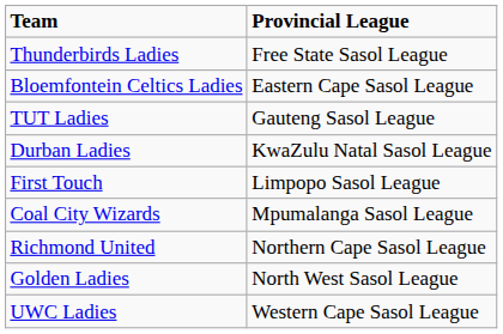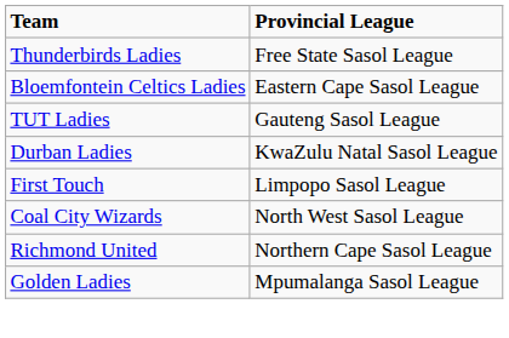 <table class= "wikitable sortable" style="text_align: left;">
 <tr>
 <td><strong>Team</strong></td>
 <td><strong>Provincial League</strong></td>
 </tr>
 <tr>
 <td><a href='#'>Thunderbirds Ladies</a></td>
 <td>Free State Sasol League</td>
 </tr>
 <tr>
 <td><a href='#'>Bloemfontein Celtics Ladies</a></td>
 <td>Eastern Cape Sasol League</td>
 </tr>
 <tr>
 <td><a href='#'>TUT Ladies</a></td>
 <td>Gauteng Sasol League</td>
 </tr>
 <tr>
 <td><a href='#'>Durban Ladies</a></td>
 <td>KwaZulu Natal Sasol League</td>
 </tr>
 <tr>
 <td><a href='#'>First Touch</a></td>
 <td>Limpopo Sasol League</td>
 </tr>
 <tr>
 <td><a href='#'>Coal City Wizards</a></td>
-<td>Mpumalanga Sasol League</td>
+<td>North West Sasol League</td>
 </tr>
 <tr>
 <td><a href='#'>Richmond United</a></td>
 <td>Northern Cape Sasol League</td>
 </tr>
 <tr>
 <td><a href='#'>Golden Ladies</a></td>
-<td>North West Sasol League</td>
-</tr>
-<tr>
-<td><a href='#'>UWC Ladies</a></td>
-<td>Western Cape Sasol League</td>
+<td>Mpumalanga Sasol League</td>
 </tr>
 </table>
